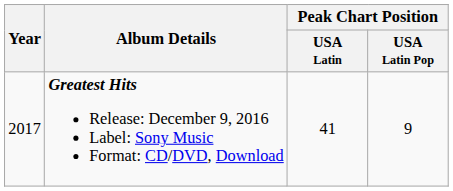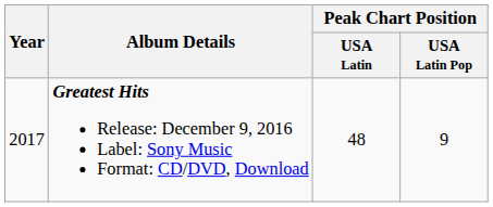 <table class ="wikitable">
 <tr>
 <th rowspan="2">Year</th>
 <th rowspan="2">Album Details</th>
 <th colspan="2">Peak Chart Position</th>
 </tr>
 <tr>
 <th scope="col" style="width:5em;font-size:90%;">USA<br><small>Latin</small><br></th>
 <th scope="col" style="width:5em;font-size:90%;">USA<br><small>Latin Pop</small><br></th>
 </tr>
 <tr>
 <td>2017</td>
 <td><strong><em>Greatest Hits</em></strong><br><ul><li>Release: December 9, 2016</li><li>Label: <a href='#'>Sony Music</a></li><li>Format: <a href='#'>CD</a>/<a href='#'>DVD</a>, <a href='#'>Download</a></li></ul></td>
-<td style="text-align:center;">41</td>
+<td style="text-align:center;">48</td>
 <td style="text-align:center;">9</td>
 </tr>
 </table>
